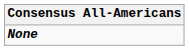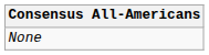 <table class="wikitable" style="font-size: 95%">
 <tr>
 <th>Consensus All-Americans</th>
 </tr>
 <tr>
-<td><strong><em>None</em></strong></td>
+<td><em>None</em></td>
 </tr>
 </table>
